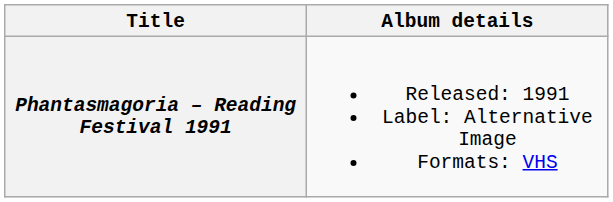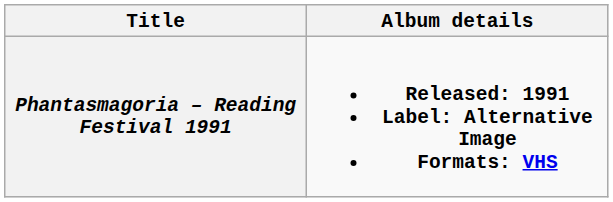 <table class="wikitable plainrowheaders" style="text-align:center;">
 <tr>
 <th scope="col" style="width:15em;">Title</th>
 <th scope="col" style="width:15em;">Album details</th>
 </tr>
 <tr>
 <th scope="row"><em>Phantasmagoria – Reading Festival 1991</em></th>
-<td><br><ul><li>Released: 1991</li><li>Label: Alternative Image</li><li>Formats: <a href='#'>VHS</a></li></ul></td>
+<td><strong><br><ul><li>Released: 1991</li><li>Label: Alternative Image</li><li>Formats: <a href='#'>VHS</a></li></ul></strong></td>
 </tr>
 </table>
